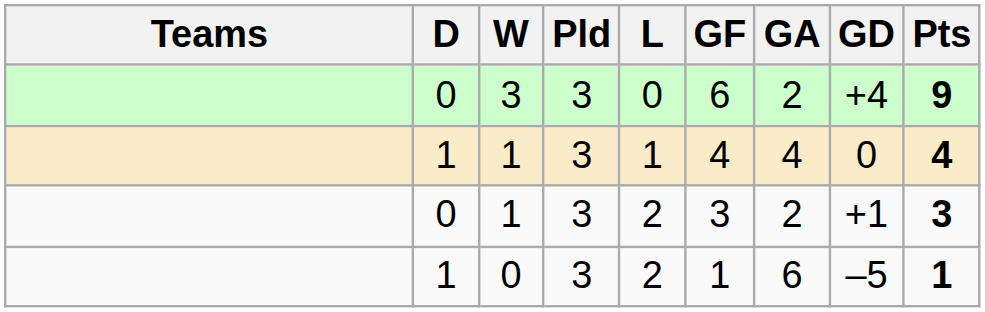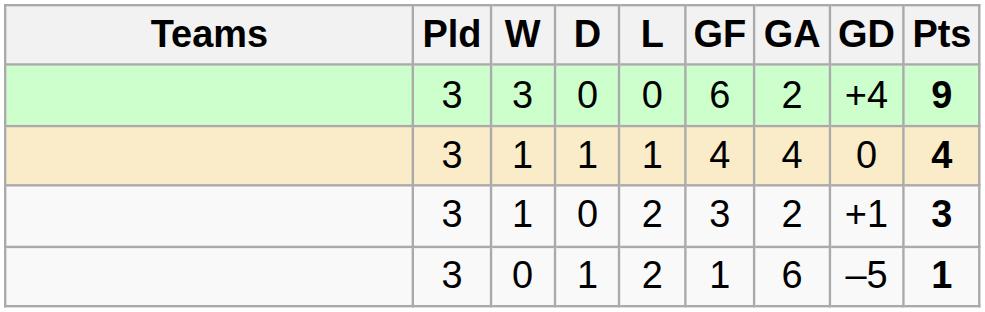 <table class="wikitable" style="text-align: center;">
 <tr>
 <th width=165>Teams</th>
+<th width=20>Pld</th>
+<th width=20>W</th>
 <th width=20>D</th>
-<th width=20>W</th>
-<th width=20>Pld</th>
 <th width=20>L</th>
 <th width=20>GF</th>
 <th width=20>GA</th>
 <th width=20>GD</th>
 <th width=20>Pts</th>
 </tr>
 <tr align=center style="background:#ccffcc;">
 <td style="text-align:left;"></td>
-<td>0</td>
 <td>3</td>
 <td>3</td>
+<td>0</td>
 <td>0</td>
 <td>6</td>
 <td>2</td>
 <td>+4</td>
 <td><strong>9</strong></td>
 </tr>
 <tr align=center style="background:#faecc8;">
 <td style="text-align:left;"></td>
+<td>3</td>
 <td>1</td>
 <td>1</td>
-<td>3</td>
 <td>1</td>
 <td>4</td>
 <td>4</td>
 <td>0</td>
 <td><strong>4</strong></td>
 </tr>
 <tr align=center>
 <td style="text-align:left;"></td>
+<td>3</td>
+<td>1</td>
 <td>0</td>
-<td>1</td>
-<td>3</td>
 <td>2</td>
 <td>3</td>
 <td>2</td>
 <td>+1</td>
 <td><strong>3</strong></td>
 </tr>
 <tr align=center>
 <td style="text-align:left;"></td>
+<td>3</td>
+<td>0</td>
 <td>1</td>
-<td>0</td>
-<td>3</td>
 <td>2</td>
 <td>1</td>
 <td>6</td>
 <td>–5</td>
 <td><strong>1</strong></td>
 </tr>
 </table>
